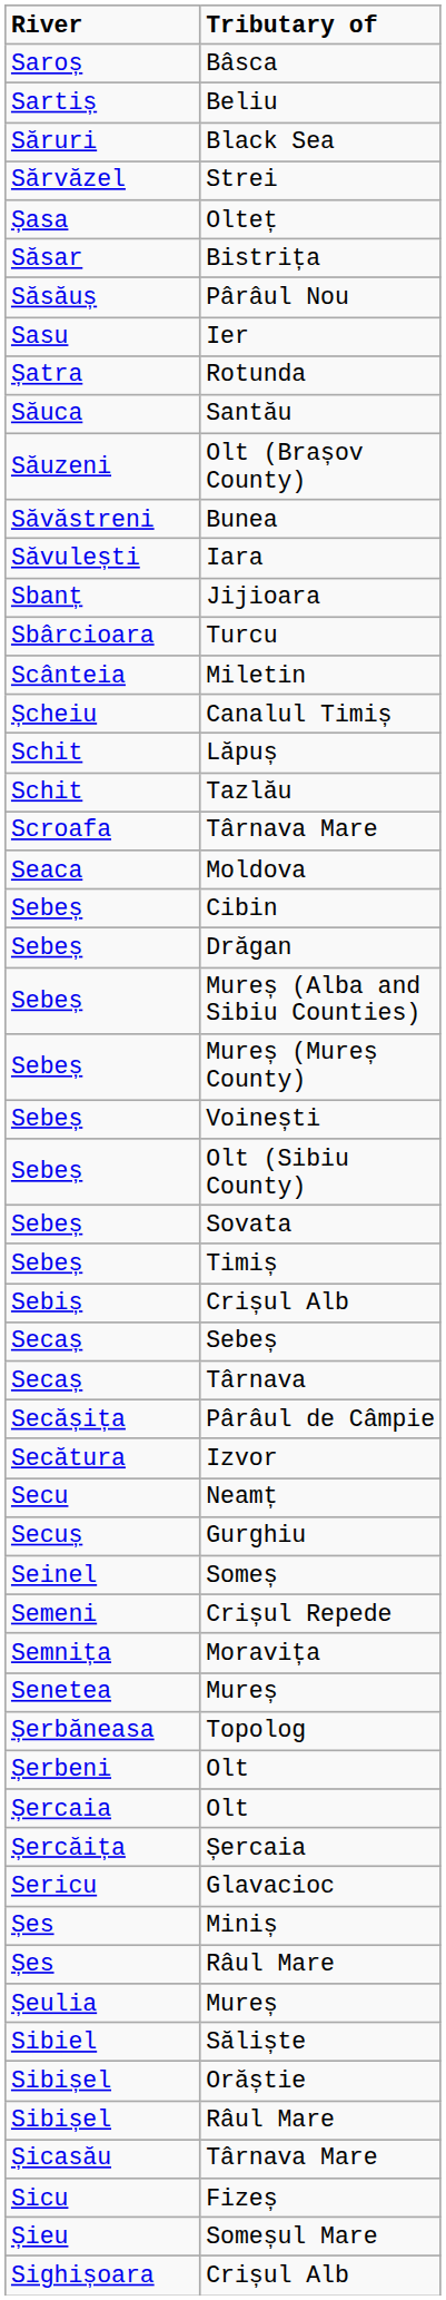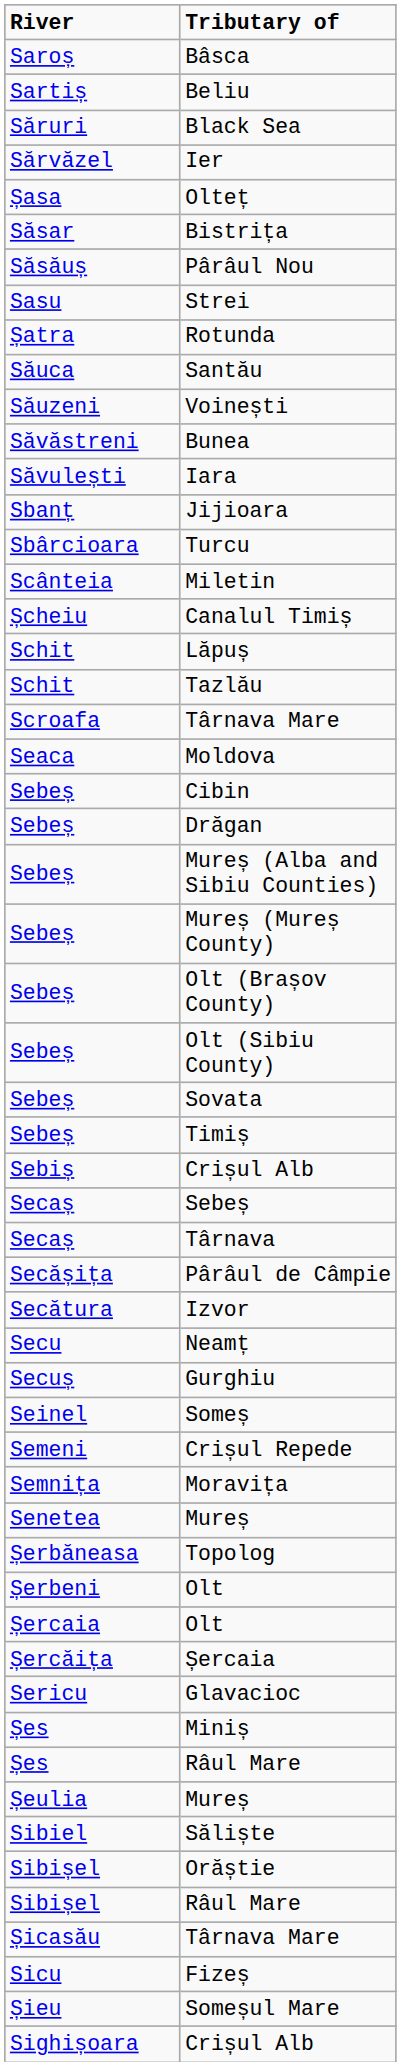 <table class="wikitable">
 <tr>
 <td width="100pt"><strong>River</strong></td>
 <td width="125pt"><strong>Tributary of</strong></td>
 </tr>
 <tr>
 <td><a href='#'>Saroș</a></td>
 <td>Bâsca</td>
 </tr>
 <tr>
 <td><a href='#'>Sartiș</a></td>
 <td>Beliu</td>
 </tr>
 <tr>
 <td><a href='#'>Săruri</a></td>
 <td>Black Sea</td>
 </tr>
 <tr>
 <td><a href='#'>Sărvăzel</a></td>
-<td>Strei</td>
+<td>Ier</td>
 </tr>
 <tr>
 <td><a href='#'>Șasa</a></td>
 <td>Olteț</td>
 </tr>
 <tr>
 <td><a href='#'>Săsar</a></td>
 <td>Bistrița</td>
 </tr>
 <tr>
 <td><a href='#'>Săsăuș</a></td>
 <td>Pârâul Nou</td>
 </tr>
 <tr>
 <td><a href='#'>Sasu</a></td>
-<td>Ier</td>
+<td>Strei</td>
 </tr>
 <tr>
 <td><a href='#'>Șatra</a></td>
 <td>Rotunda</td>
 </tr>
 <tr>
 <td><a href='#'>Săuca</a></td>
 <td>Santău</td>
 </tr>
 <tr>
 <td><a href='#'>Săuzeni</a></td>
-<td>Olt (Brașov County)</td>
+<td>Voinești</td>
 </tr>
 <tr>
 <td><a href='#'>Săvăstreni</a></td>
 <td>Bunea</td>
 </tr>
 <tr>
 <td><a href='#'>Săvulești</a></td>
 <td>Iara</td>
 </tr>
 <tr>
 <td><a href='#'>Sbanț</a></td>
 <td>Jijioara</td>
 </tr>
 <tr>
 <td><a href='#'>Sbârcioara</a></td>
 <td>Turcu</td>
 </tr>
 <tr>
 <td><a href='#'>Scânteia</a></td>
 <td>Miletin</td>
 </tr>
 <tr>
 <td><a href='#'>Șcheiu</a></td>
 <td>Canalul Timiș</td>
 </tr>
 <tr>
 <td><a href='#'>Schit</a></td>
 <td>Lăpuș</td>
 </tr>
 <tr>
 <td><a href='#'>Schit</a></td>
 <td>Tazlău</td>
 </tr>
 <tr>
 <td><a href='#'>Scroafa</a></td>
 <td>Târnava Mare</td>
 </tr>
 <tr>
 <td><a href='#'>Seaca</a></td>
 <td>Moldova</td>
 </tr>
 <tr>
 <td><a href='#'>Sebeș</a></td>
 <td>Cibin</td>
 </tr>
 <tr>
 <td><a href='#'>Sebeș</a></td>
 <td>Drăgan</td>
 </tr>
 <tr>
 <td><a href='#'>Sebeș</a></td>
 <td>Mureș (Alba and Sibiu Counties)</td>
 </tr>
 <tr>
 <td><a href='#'>Sebeș</a></td>
 <td>Mureș (Mureș County)</td>
 </tr>
 <tr>
 <td><a href='#'>Sebeș</a></td>
-<td>Voinești</td>
+<td>Olt (Brașov County)</td>
 </tr>
 <tr>
 <td><a href='#'>Sebeș</a></td>
 <td>Olt (Sibiu County)</td>
 </tr>
 <tr>
 <td><a href='#'>Sebeș</a></td>
 <td>Sovata</td>
 </tr>
 <tr>
 <td><a href='#'>Sebeș</a></td>
 <td>Timiș</td>
 </tr>
 <tr>
 <td><a href='#'>Sebiș</a></td>
 <td>Crișul Alb</td>
 </tr>
 <tr>
 <td><a href='#'>Secaș</a></td>
 <td>Sebeș</td>
 </tr>
 <tr>
 <td><a href='#'>Secaș</a></td>
 <td>Târnava</td>
 </tr>
 <tr>
 <td><a href='#'>Secășița</a></td>
 <td>Pârâul de Câmpie</td>
 </tr>
 <tr>
 <td><a href='#'>Secătura</a></td>
 <td>Izvor</td>
 </tr>
 <tr>
 <td><a href='#'>Secu</a></td>
 <td>Neamț</td>
 </tr>
 <tr>
 <td><a href='#'>Secuș</a></td>
 <td>Gurghiu</td>
 </tr>
 <tr>
 <td><a href='#'>Seinel</a></td>
 <td>Someș</td>
 </tr>
 <tr>
 <td><a href='#'>Semeni</a></td>
 <td>Crișul Repede</td>
 </tr>
 <tr>
 <td><a href='#'>Semnița</a></td>
 <td>Moravița</td>
 </tr>
 <tr>
 <td><a href='#'>Senetea</a></td>
 <td>Mureș</td>
 </tr>
 <tr>
 <td><a href='#'>Șerbăneasa</a></td>
 <td>Topolog</td>
 </tr>
 <tr>
 <td><a href='#'>Șerbeni</a></td>
 <td>Olt</td>
 </tr>
 <tr>
 <td><a href='#'>Șercaia</a></td>
 <td>Olt</td>
 </tr>
 <tr>
 <td><a href='#'>Șercăița</a></td>
 <td>Șercaia</td>
 </tr>
 <tr>
 <td><a href='#'>Sericu</a></td>
 <td>Glavacioc</td>
 </tr>
 <tr>
 <td><a href='#'>Șes</a></td>
 <td>Miniș</td>
 </tr>
 <tr>
 <td><a href='#'>Șes</a></td>
 <td>Râul Mare</td>
 </tr>
 <tr>
 <td><a href='#'>Șeulia</a></td>
 <td>Mureș</td>
 </tr>
 <tr>
 <td><a href='#'>Sibiel</a></td>
 <td>Săliște</td>
 </tr>
 <tr>
 <td><a href='#'>Sibișel</a></td>
 <td>Orăștie</td>
 </tr>
 <tr>
 <td><a href='#'>Sibișel</a></td>
 <td>Râul Mare</td>
 </tr>
 <tr>
 <td><a href='#'>Șicasău</a></td>
 <td>Târnava Mare</td>
 </tr>
 <tr>
 <td><a href='#'>Sicu</a></td>
 <td>Fizeș</td>
 </tr>
 <tr>
 <td><a href='#'>Șieu</a></td>
 <td>Someșul Mare</td>
 </tr>
 <tr>
 <td><a href='#'>Sighișoara</a></td>
 <td>Crișul Alb</td>
 </tr>
 </table>
